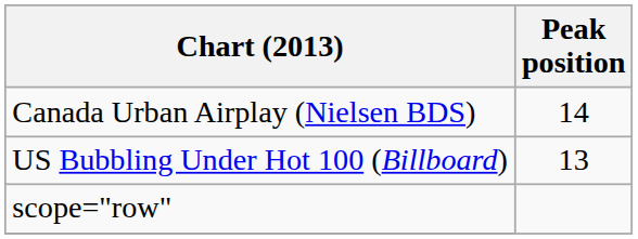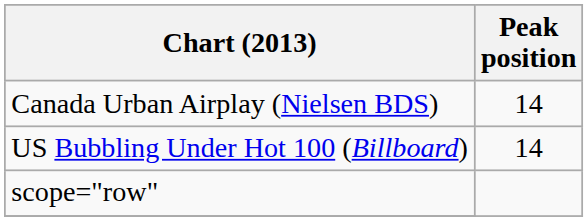 <table class="wikitable sortable plainrowheaders">
 <tr>
 <th scope="col">Chart (2013)</th>
 <th scope="col">Peak<br>position</th>
 </tr>
 <tr>
 <td scope="row">Canada Urban Airplay (<a href='#'>Nielsen BDS</a>)</td>
 <td style="text-align:center;">14</td>
 </tr>
 <tr>
 <td scope="row">US <a href='#'>Bubbling Under Hot 100</a> (<a href='#'><em>Billboard</em></a>)</td>
-<td style="text-align:center;">13</td>
+<td style="text-align:center;">14</td>
 </tr>
 <tr>
 <td>scope="row"</td>
 </tr>
 <tr>
 </tr>
 </table>
